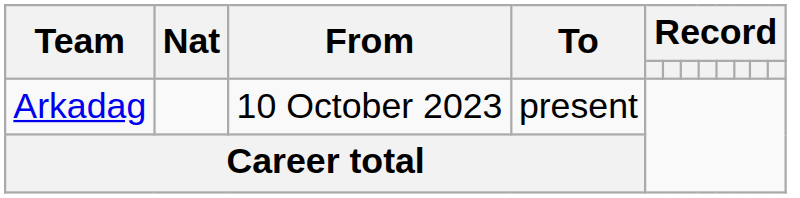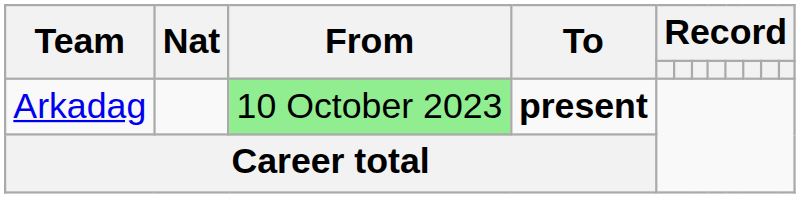 <table class="wikitable" style="text-align: center">
 <tr>
 <th rowspan=2>Team</th>
 <th rowspan=2>Nat</th>
 <th rowspan=2>From</th>
 <th rowspan=2>To</th>
 <th colspan="8">Record</th>
 </tr>
 <tr>
 <th></th>
 <th></th>
 <th></th>
 <th></th>
 <th></th>
 <th></th>
 <th></th>
 <th></th>
 </tr>
 <tr>
 <td align=left><a href='#'>Arkadag</a></td>
 <td></td>
-<td align=left>10 October 2023</td>
-<td align=left>present<br></td>
+<td align=left style="background: lightgreen;">10 October 2023</td>
+<td align=left><strong>present<br></strong></td>
 </tr>
 <tr>
 <th colspan=4>Career total<br></th>
 </tr>
 </table>
